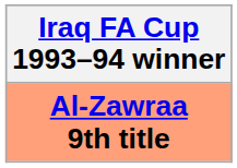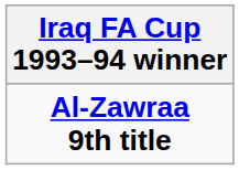 <table class="wikitable" style="text-align: center; margin: 0 auto;">
 <tr>
 <th><a href='#'>Iraq FA Cup</a><br>1993–94 winner</th>
 </tr>
 <tr>
-<td style="background: lightsalmon;"><strong><a href='#'>Al-Zawraa</a></strong><br><strong>9th title</strong></td>
+<td><strong><a href='#'>Al-Zawraa</a></strong><br><strong>9th title</strong></td>
 </tr>
 </table>
